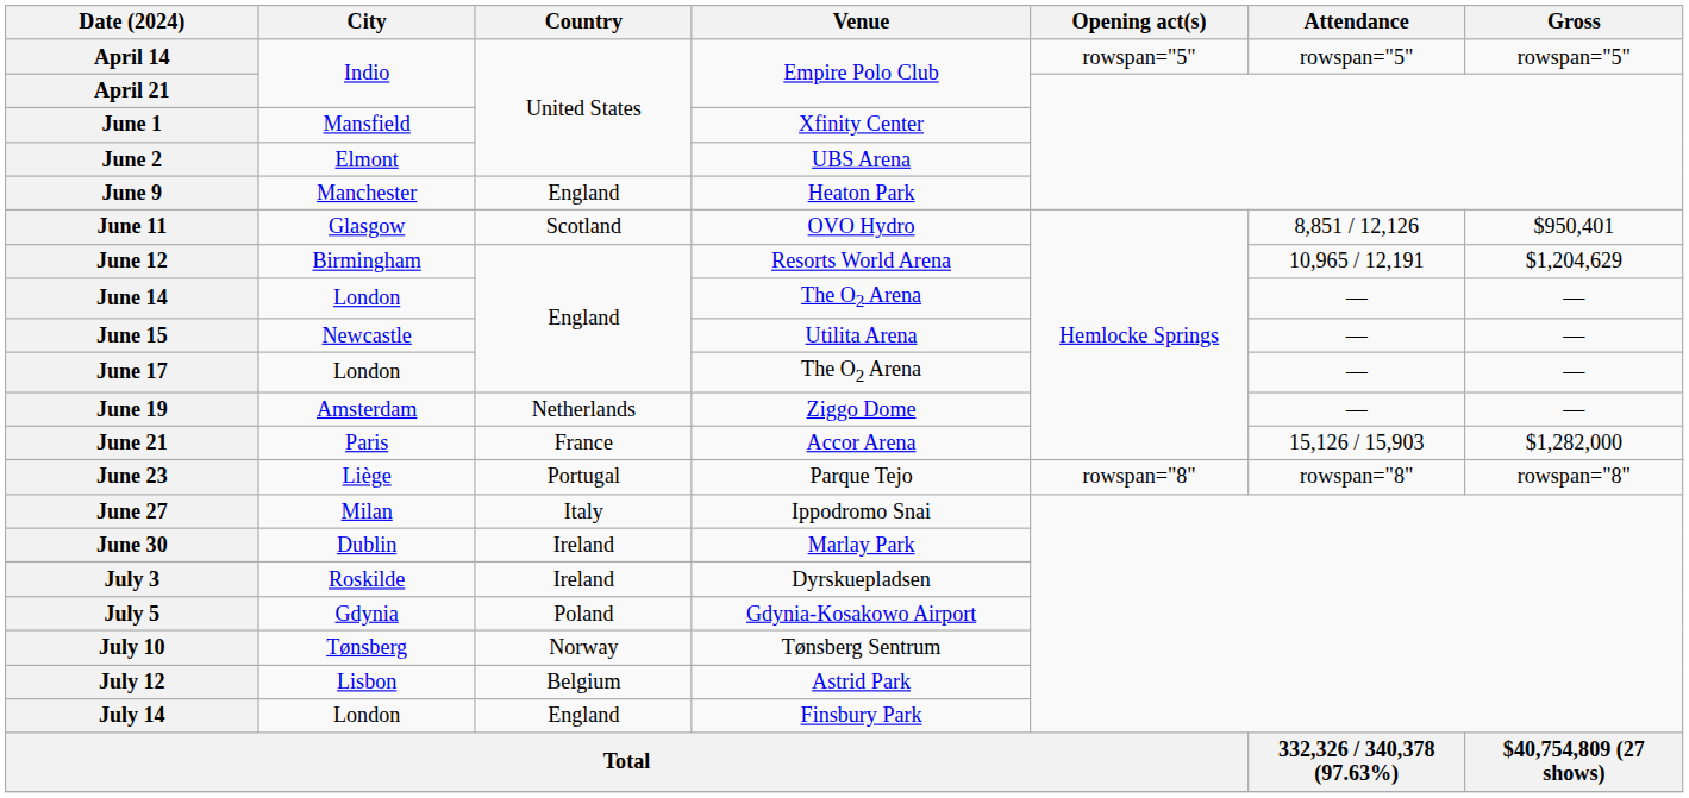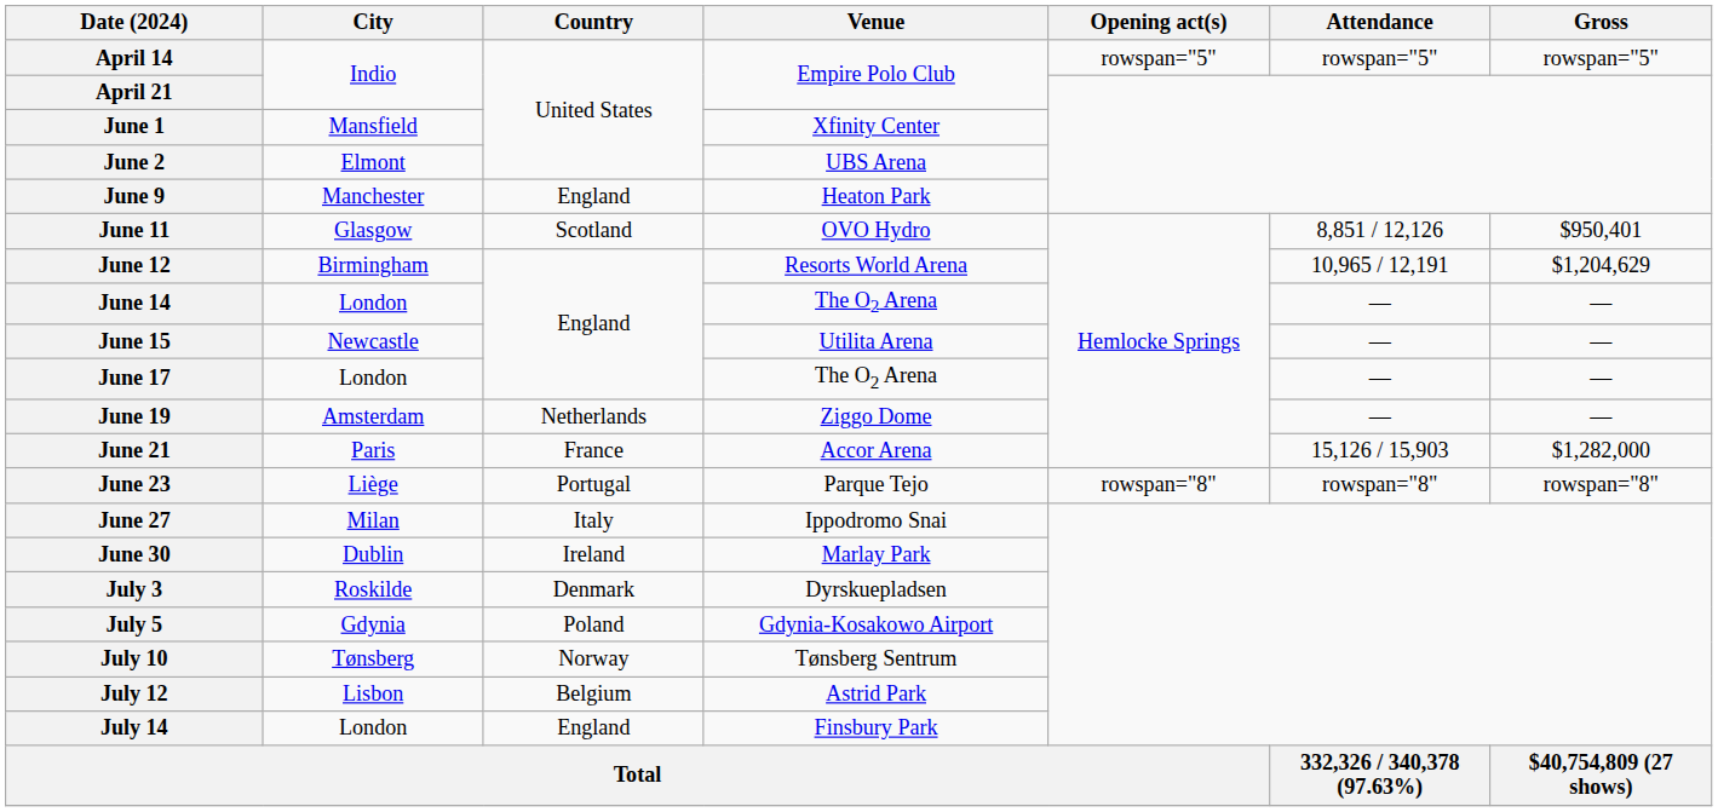 <table class="wikitable plainrowheaders" style="text-align:center;">
 <tr>
 <th scope="col" style="width:12em;">Date (2024)</th>
 <th scope="col" style="width:10em;">City</th>
 <th scope="col" style="width:10em;">Country</th>
 <th scope="col" style="width:16em;">Venue</th>
 <th scope="col" style="width:10em;">Opening act(s)</th>
 <th scope="col" style="width:10em;">Attendance</th>
 <th scope="col" style="width:10em;">Gross</th>
 </tr>
 <tr>
 <th scope="row" style="text-align:center;">April 14</th>
 <td rowspan="2"><a href='#'> Indio</a></td>
 <td rowspan="4">United States</td>
 <td rowspan="2"><a href='#'>Empire Polo Club</a></td>
 <td>rowspan="5" </td>
 <td>rowspan="5" </td>
 <td>rowspan="5" </td>
 </tr>
 <tr>
 <th scope="row" style="text-align:center;">April 21</th>
 </tr>
 <tr>
 <th scope="row" style="text-align:center;">June 1</th>
 <td><a href='#'> Mansfield</a></td>
 <td><a href='#'>Xfinity Center</a></td>
 </tr>
 <tr>
 <th scope="row" style="text-align:center;">June 2</th>
 <td><a href='#'> Elmont</a></td>
 <td><a href='#'>UBS Arena</a></td>
 </tr>
 <tr>
 <th scope="row" style="text-align:center;">June 9</th>
 <td><a href='#'>Manchester</a></td>
 <td>England</td>
 <td><a href='#'>Heaton Park</a></td>
 </tr>
 <tr>
 <th scope="row" style="text-align:center;">June 11</th>
 <td><a href='#'>Glasgow</a></td>
 <td>Scotland</td>
 <td><a href='#'>OVO Hydro</a></td>
 <td rowspan="7"><a href='#'>Hemlocke Springs</a></td>
 <td>8,851 / 12,126</td>
 <td>$950,401</td>
 </tr>
 <tr>
 <th scope="row" style="text-align:center;">June 12</th>
 <td><a href='#'>Birmingham</a></td>
 <td rowspan="4">England</td>
 <td><a href='#'>Resorts World Arena</a></td>
 <td>10,965 / 12,191</td>
 <td>$1,204,629</td>
 </tr>
 <tr>
 <th scope="row" style="text-align:center;">June 14</th>
 <td><a href='#'>London</a></td>
 <td><a href='#'>The O<sub>2</sub> Arena</a></td>
 <td>—</td>
 <td>—</td>
 </tr>
 <tr>
 <th scope="row" style="text-align:center;">June 15</th>
 <td><a href='#'>Newcastle</a></td>
 <td><a href='#'>Utilita Arena</a></td>
 <td>—</td>
 <td>—</td>
 </tr>
 <tr>
 <th scope="row" style="text-align:center;">June 17</th>
 <td>London</td>
 <td>The O<sub>2</sub> Arena</td>
 <td>—</td>
 <td>—</td>
 </tr>
 <tr>
 <th scope="row" style="text-align:center;">June 19</th>
 <td><a href='#'>Amsterdam</a></td>
 <td>Netherlands</td>
 <td><a href='#'>Ziggo Dome</a></td>
 <td>—</td>
 <td>—</td>
 </tr>
 <tr>
 <th scope="row" style="text-align:center;">June 21</th>
 <td><a href='#'>Paris</a></td>
 <td>France</td>
 <td><a href='#'>Accor Arena</a></td>
 <td>15,126 / 15,903</td>
 <td>$1,282,000</td>
 </tr>
 <tr>
 <th scope="row" style="text-align:center;">June 23</th>
 <td><a href='#'>Liège</a></td>
 <td>Portugal</td>
 <td>Parque Tejo</td>
 <td>rowspan="8" </td>
 <td>rowspan="8" </td>
 <td>rowspan="8" </td>
 </tr>
 <tr>
 <th scope="row" style="text-align:center;">June 27</th>
 <td><a href='#'>Milan</a></td>
 <td>Italy</td>
 <td>Ippodromo Snai</td>
 </tr>
 <tr>
 <th scope="row" style="text-align:center;">June 30</th>
 <td><a href='#'>Dublin</a></td>
 <td>Ireland</td>
 <td><a href='#'>Marlay Park</a></td>
 </tr>
 <tr>
 <th scope="row" style="text-align:center;">July 3</th>
 <td><a href='#'>Roskilde</a></td>
-<td>Ireland</td>
+<td>Denmark</td>
 <td>Dyrskuepladsen</td>
 </tr>
 <tr>
 <th scope="row" style="text-align:center;">July 5</th>
 <td><a href='#'>Gdynia</a></td>
 <td>Poland</td>
 <td><a href='#'>Gdynia-Kosakowo Airport</a></td>
 </tr>
 <tr>
 <th scope="row" style="text-align:center;">July 10</th>
 <td><a href='#'>Tønsberg</a></td>
 <td>Norway</td>
 <td>Tønsberg Sentrum</td>
 </tr>
 <tr>
 <th scope="row" style="text-align:center;">July 12</th>
 <td><a href='#'>Lisbon</a></td>
 <td>Belgium</td>
 <td><a href='#'>Astrid Park</a></td>
 </tr>
 <tr>
 <th scope="row" style="text-align:center;">July 14</th>
 <td>London</td>
 <td>England</td>
 <td><a href='#'>Finsbury Park</a></td>
 </tr>
 <tr>
 <th colspan="5">Total</th>
 <th>332,326 / 340,378 (97.63%)</th>
 <th>$40,754,809 (27 shows)</th>
 </tr>
 <tr>
 </tr>
 </table>
